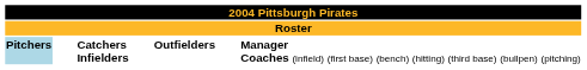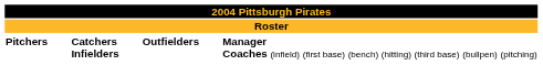 <table class="toccolours" style="font-size: 95%;">
 <tr>
 <th colspan="10" style="background-color: black; color: #FDB827; text-align: center;">2004 Pittsburgh Pirates</th>
 </tr>
 <tr>
 <td colspan="10" style="background-color: #FDB827; color: black; text-align: center;"><strong>Roster</strong></td>
 </tr>
 <tr>
-<td valign="top" style="background: lightblue;"><strong>Pitchers</strong><br>                    </td>
+<td valign="top"><strong>Pitchers</strong><br>                    </td>
 <td width="25px"></td>
 <td valign="top"><strong>Catchers</strong><br>   <strong>Infielders</strong>          </td>
 <td width="25px"></td>
 <td valign="top"><strong>Outfielders</strong><br>        </td>
 <td width="25px"></td>
 <td valign="top"><strong>Manager</strong><br> <strong>Coaches</strong>  <small>(infield)</small>  <small>(first base)</small>  <small>(bench)</small>  <small>(hitting)</small>  <small>(third base)</small>  <small>(bullpen)</small>  <small>(pitching)</small></td>
 </tr>
 </table>
